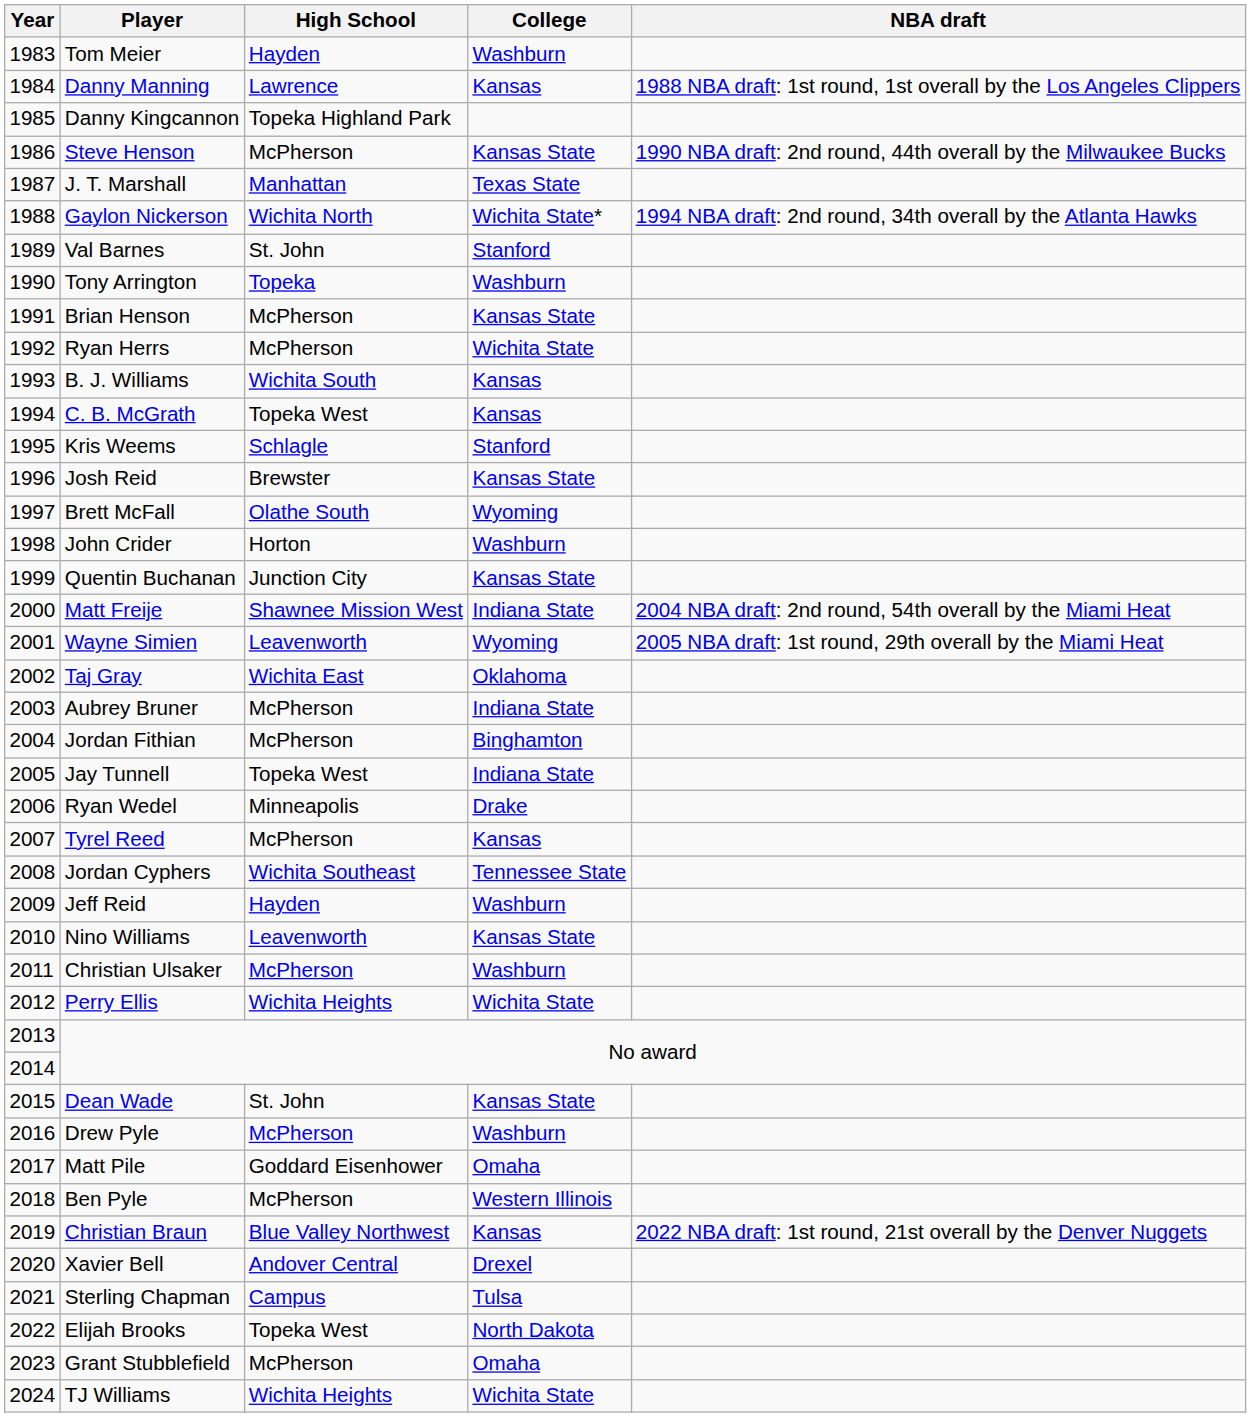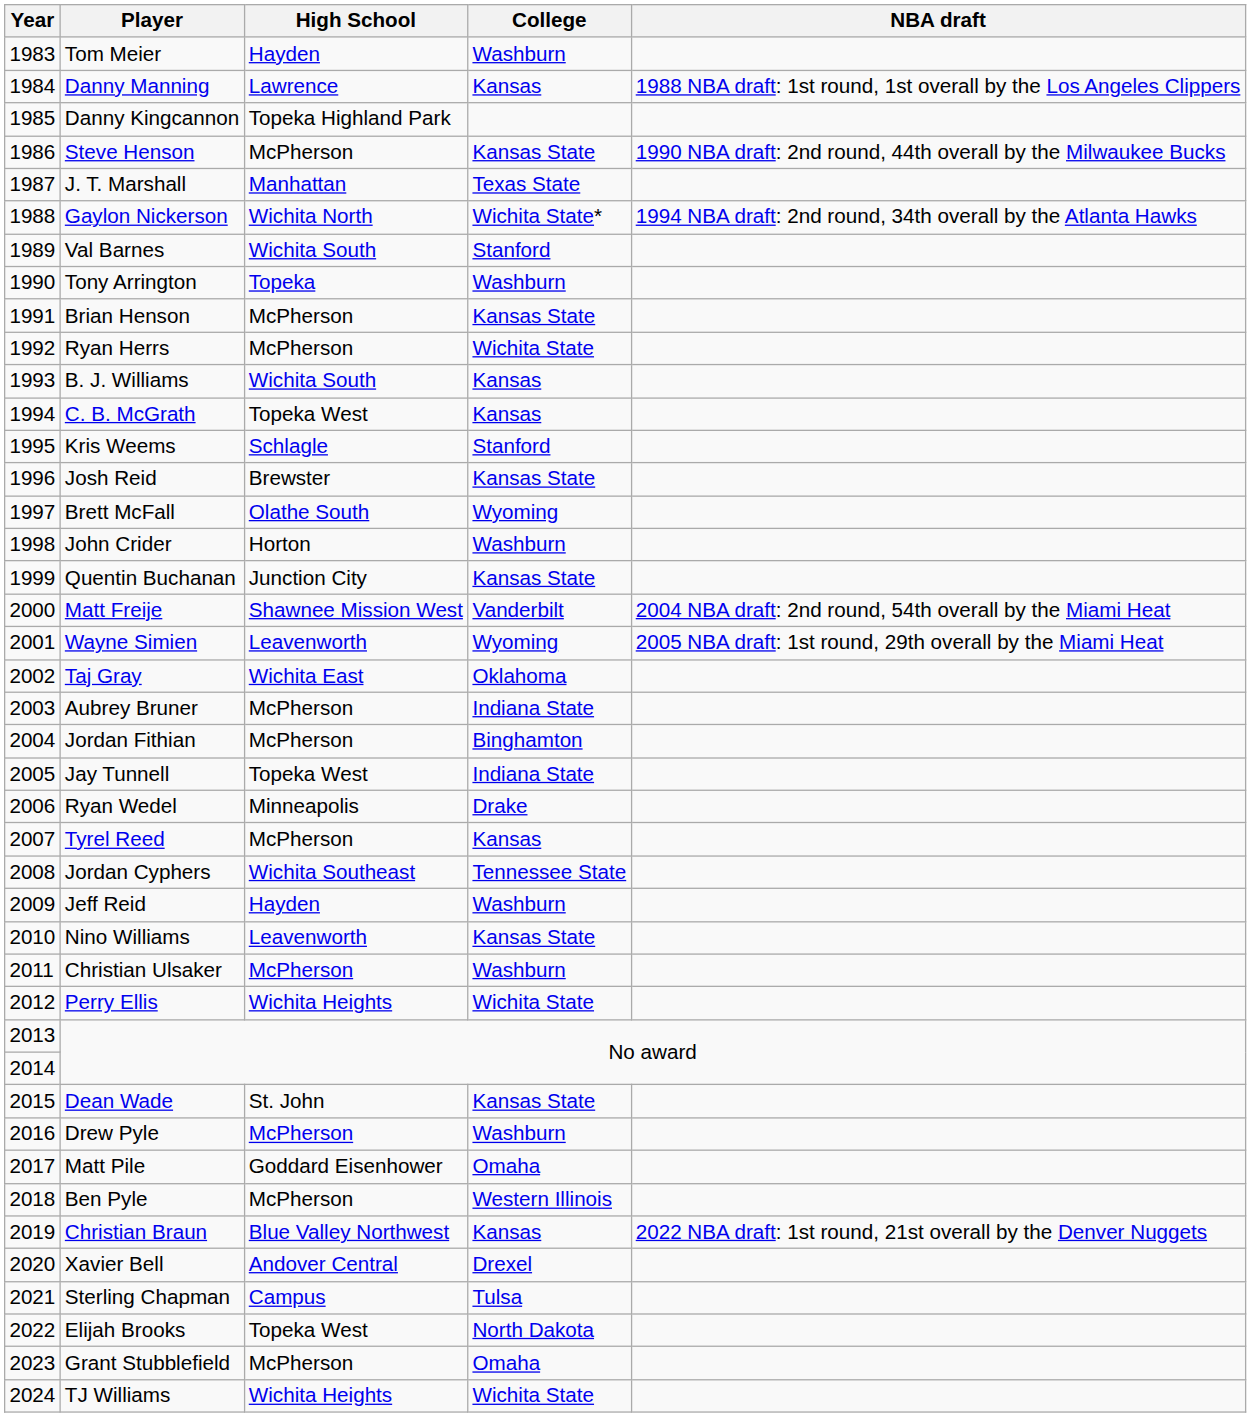 <table class="wikitable sortable">
 <tr>
 <th>Year</th>
 <th>Player</th>
 <th>High School</th>
 <th>College</th>
 <th>NBA draft</th>
 </tr>
 <tr>
 <td>1983</td>
 <td>Tom Meier</td>
 <td><a href='#'>Hayden</a></td>
 <td><a href='#'>Washburn</a></td>
 <td></td>
 </tr>
 <tr>
 <td>1984</td>
 <td><a href='#'>Danny Manning</a></td>
 <td><a href='#'>Lawrence</a></td>
 <td><a href='#'>Kansas</a></td>
 <td><a href='#'>1988 NBA draft</a>: 1st round, 1st overall by the <a href='#'>Los Angeles Clippers</a></td>
 </tr>
 <tr>
 <td>1985</td>
 <td>Danny Kingcannon</td>
 <td>Topeka Highland Park</td>
 <td></td>
 <td></td>
 </tr>
 <tr>
 <td>1986</td>
 <td><a href='#'>Steve Henson</a></td>
 <td>McPherson</td>
 <td><a href='#'>Kansas State</a></td>
 <td><a href='#'>1990 NBA draft</a>: 2nd round, 44th overall by the <a href='#'>Milwaukee Bucks</a></td>
 </tr>
 <tr>
 <td>1987</td>
 <td>J. T. Marshall</td>
 <td><a href='#'>Manhattan</a></td>
 <td><a href='#'>Texas State</a></td>
 <td></td>
 </tr>
 <tr>
 <td>1988</td>
 <td><a href='#'>Gaylon Nickerson</a></td>
 <td><a href='#'>Wichita North</a></td>
 <td><a href='#'>Wichita State</a>*</td>
 <td><a href='#'>1994 NBA draft</a>: 2nd round, 34th overall by the <a href='#'>Atlanta Hawks</a></td>
 </tr>
 <tr>
 <td>1989</td>
 <td>Val Barnes</td>
-<td>St. John</td>
+<td><a href='#'>Wichita South</a></td>
 <td><a href='#'>Stanford</a></td>
 <td></td>
 </tr>
 <tr>
 <td>1990</td>
 <td>Tony Arrington</td>
 <td><a href='#'>Topeka</a></td>
 <td><a href='#'>Washburn</a></td>
 <td></td>
 </tr>
 <tr>
 <td>1991</td>
 <td>Brian Henson</td>
 <td McPherson High School>McPherson</td>
 <td><a href='#'>Kansas State</a></td>
 <td></td>
 </tr>
 <tr>
 <td>1992</td>
 <td>Ryan Herrs</td>
 <td McPherson High School>McPherson</td>
 <td><a href='#'>Wichita State</a></td>
 <td></td>
 </tr>
 <tr>
 <td>1993</td>
 <td>B. J. Williams</td>
 <td><a href='#'>Wichita South</a></td>
 <td><a href='#'>Kansas</a></td>
 <td></td>
 </tr>
 <tr>
 <td>1994</td>
 <td><a href='#'>C. B. McGrath</a></td>
 <td>Topeka West</td>
 <td><a href='#'>Kansas</a></td>
 <td></td>
 </tr>
 <tr>
 <td>1995</td>
 <td>Kris Weems</td>
 <td><a href='#'>Schlagle</a></td>
 <td><a href='#'>Stanford</a></td>
 <td></td>
 </tr>
 <tr>
 <td>1996</td>
 <td>Josh Reid</td>
 <td>Brewster</td>
 <td><a href='#'>Kansas State</a></td>
 <td></td>
 </tr>
 <tr>
 <td>1997</td>
 <td>Brett McFall</td>
 <td><a href='#'>Olathe South</a></td>
 <td><a href='#'>Wyoming</a></td>
 <td></td>
 </tr>
 <tr>
 <td>1998</td>
 <td>John Crider</td>
 <td>Horton</td>
 <td><a href='#'>Washburn</a></td>
 <td></td>
 </tr>
 <tr>
 <td>1999</td>
 <td>Quentin Buchanan</td>
 <td>Junction City</td>
 <td><a href='#'>Kansas State</a></td>
 <td></td>
 </tr>
 <tr>
 <td>2000</td>
 <td><a href='#'>Matt Freije</a></td>
 <td><a href='#'>Shawnee Mission West</a></td>
-<td><a href='#'>Indiana State</a></td>
+<td><a href='#'>Vanderbilt</a></td>
 <td><a href='#'>2004 NBA draft</a>: 2nd round, 54th overall by the <a href='#'>Miami Heat</a></td>
 </tr>
 <tr>
 <td>2001</td>
 <td><a href='#'>Wayne Simien</a></td>
 <td><a href='#'>Leavenworth</a></td>
 <td><a href='#'>Wyoming</a></td>
 <td><a href='#'>2005 NBA draft</a>: 1st round, 29th overall by the <a href='#'>Miami Heat</a></td>
 </tr>
 <tr>
 <td>2002</td>
 <td><a href='#'>Taj Gray</a></td>
 <td><a href='#'>Wichita East</a></td>
 <td><a href='#'>Oklahoma</a></td>
 <td></td>
 </tr>
 <tr>
 <td>2003</td>
 <td>Aubrey Bruner</td>
 <td>McPherson</td>
 <td><a href='#'>Indiana State</a></td>
 <td></td>
 </tr>
 <tr>
 <td>2004</td>
 <td>Jordan Fithian</td>
 <td>McPherson</td>
 <td><a href='#'>Binghamton</a></td>
 <td></td>
 </tr>
 <tr>
 <td>2005</td>
 <td>Jay Tunnell</td>
 <td>Topeka West</td>
 <td><a href='#'>Indiana State</a></td>
 <td></td>
 </tr>
 <tr>
 <td>2006</td>
 <td>Ryan Wedel</td>
 <td>Minneapolis</td>
 <td><a href='#'>Drake</a></td>
 <td></td>
 </tr>
 <tr>
 <td>2007</td>
 <td><a href='#'>Tyrel Reed</a></td>
 <td>McPherson</td>
 <td><a href='#'>Kansas</a></td>
 <td></td>
 </tr>
 <tr>
 <td>2008</td>
 <td>Jordan Cyphers</td>
 <td><a href='#'>Wichita Southeast</a></td>
 <td><a href='#'>Tennessee State</a></td>
 <td></td>
 </tr>
 <tr>
 <td>2009</td>
 <td>Jeff Reid</td>
 <td><a href='#'>Hayden</a></td>
 <td><a href='#'>Washburn</a></td>
 <td></td>
 </tr>
 <tr>
 <td>2010</td>
 <td>Nino Williams</td>
 <td><a href='#'>Leavenworth</a></td>
 <td><a href='#'>Kansas State</a></td>
 <td></td>
 </tr>
 <tr>
 <td>2011</td>
 <td>Christian Ulsaker</td>
 <td><a href='#'>McPherson</a></td>
 <td><a href='#'>Washburn</a></td>
 <td></td>
 </tr>
 <tr>
 <td>2012</td>
 <td><a href='#'>Perry Ellis</a></td>
 <td><a href='#'>Wichita Heights</a></td>
 <td><a href='#'>Wichita State</a></td>
 <td></td>
 </tr>
 <tr style="text-align:center;">
 <td>2013</td>
 <td rowspan="2" colspan="4">No award</td>
 </tr>
 <tr>
 <td>2014</td>
 </tr>
 <tr>
 <td>2015</td>
 <td><a href='#'>Dean Wade</a></td>
 <td>St. John</td>
 <td><a href='#'>Kansas State</a></td>
 <td></td>
 </tr>
 <tr>
 <td>2016</td>
 <td>Drew Pyle</td>
 <td><a href='#'>McPherson</a></td>
 <td><a href='#'>Washburn</a></td>
 <td></td>
 </tr>
 <tr>
 <td>2017</td>
 <td>Matt Pile</td>
 <td>Goddard Eisenhower</td>
 <td><a href='#'>Omaha</a></td>
 <td></td>
 </tr>
 <tr>
 <td>2018</td>
 <td>Ben Pyle</td>
 <td>McPherson</td>
 <td><a href='#'>Western Illinois</a></td>
 <td></td>
 </tr>
 <tr>
 <td>2019</td>
 <td><a href='#'>Christian Braun</a></td>
 <td><a href='#'>Blue Valley Northwest</a></td>
 <td><a href='#'>Kansas</a></td>
 <td><a href='#'>2022 NBA draft</a>: 1st round, 21st overall by the <a href='#'>Denver Nuggets</a></td>
 </tr>
 <tr>
 <td>2020</td>
 <td>Xavier Bell</td>
 <td><a href='#'>Andover Central</a></td>
 <td><a href='#'>Drexel</a></td>
 <td></td>
 </tr>
 <tr>
 <td>2021</td>
 <td>Sterling Chapman</td>
 <td><a href='#'>Campus</a></td>
 <td><a href='#'>Tulsa</a></td>
 <td></td>
 </tr>
 <tr>
 <td>2022</td>
 <td>Elijah Brooks</td>
 <td>Topeka West</td>
 <td><a href='#'>North Dakota</a></td>
 <td></td>
 </tr>
 <tr>
 <td>2023</td>
 <td>Grant Stubblefield</td>
 <td>McPherson</td>
 <td><a href='#'>Omaha</a></td>
 <td></td>
 </tr>
 <tr>
 <td>2024</td>
 <td>TJ Williams</td>
 <td><a href='#'>Wichita Heights</a></td>
 <td><a href='#'>Wichita State</a></td>
 <td></td>
 </tr>
 </table>
